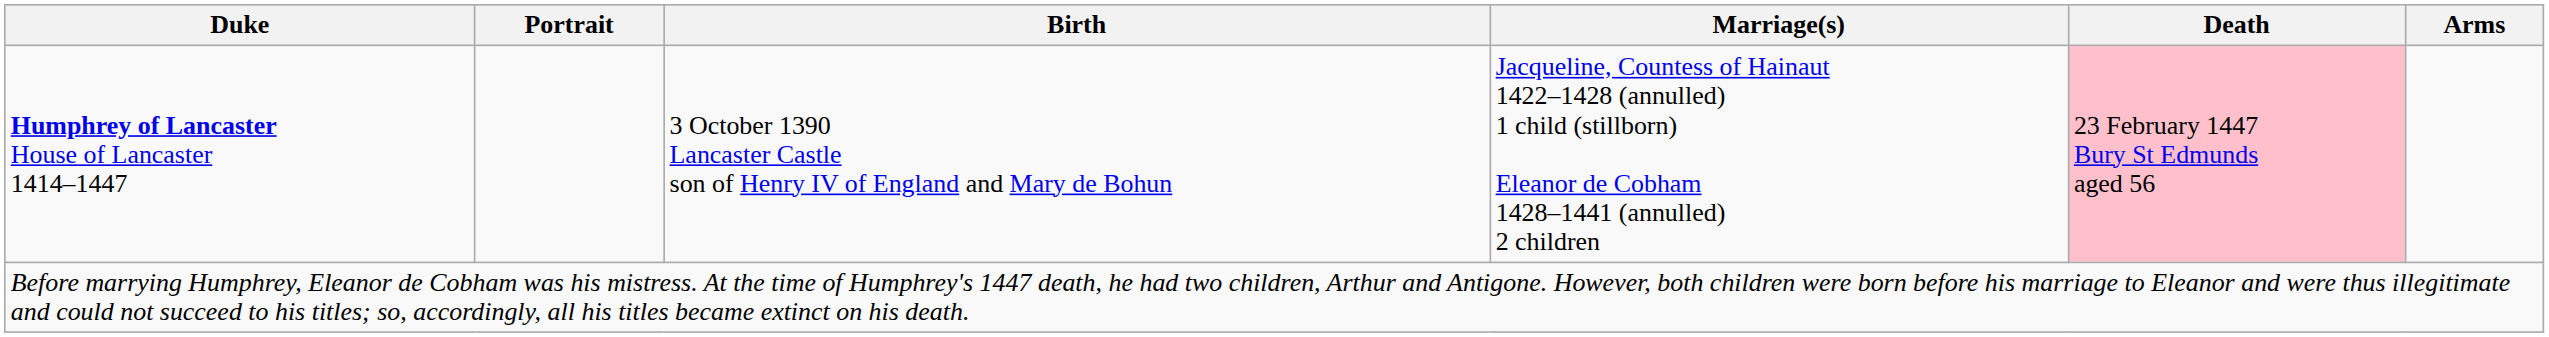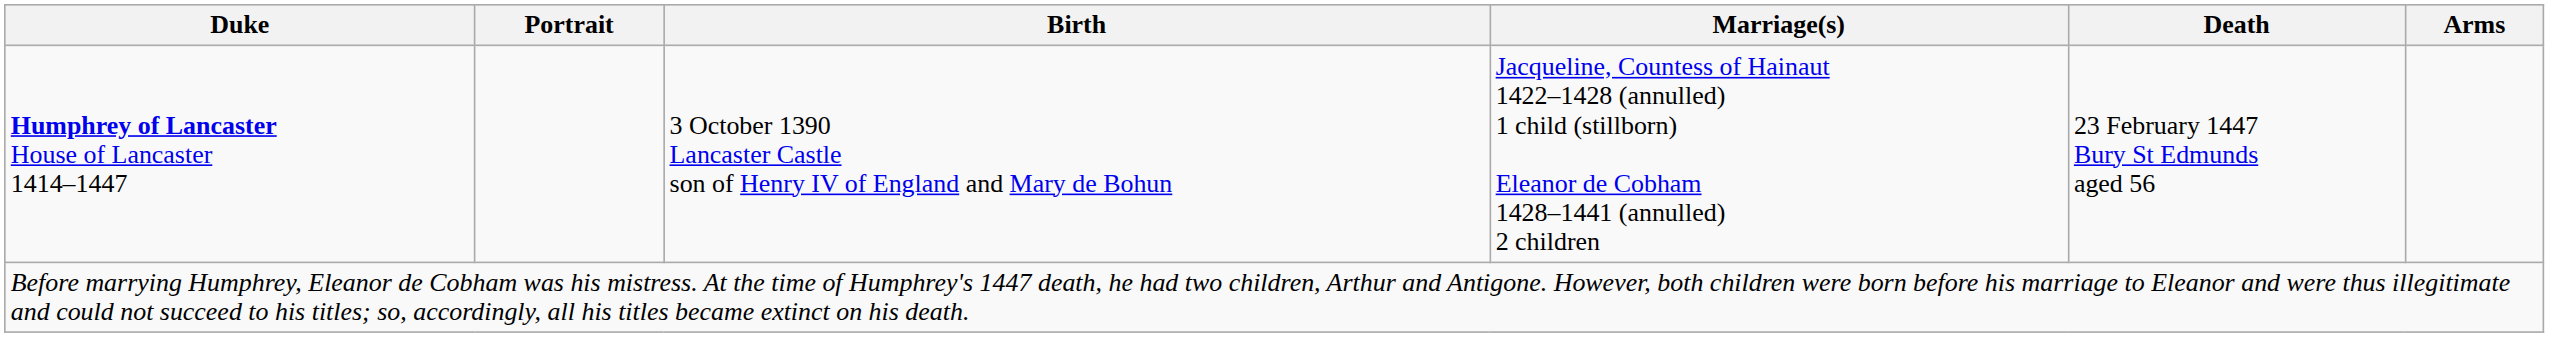 <table class="wikitable">
 <tr>
 <th>Duke</th>
 <th>Portrait</th>
 <th>Birth</th>
 <th>Marriage(s)</th>
 <th>Death</th>
 <th>Arms</th>
 </tr>
 <tr>
 <td><strong><a href='#'>Humphrey of Lancaster</a></strong><br><a href='#'>House of Lancaster</a><br>1414–1447<br><em></em></td>
 <td></td>
 <td>3 October 1390<br><a href='#'>Lancaster Castle</a><br>son of <a href='#'>Henry IV of England</a> and <a href='#'>Mary de Bohun</a></td>
 <td><a href='#'>Jacqueline, Countess of Hainaut</a><br>1422–1428 (annulled)<br>1 child (stillborn)<br><br><a href='#'>Eleanor de Cobham</a><br>1428–1441 (annulled)<br>2 children</td>
-<td style="background: pink;">23 February 1447<br><a href='#'>Bury St Edmunds</a><br>aged 56</td>
+<td>23 February 1447<br><a href='#'>Bury St Edmunds</a><br>aged 56</td>
 <td></td>
 </tr>
 <tr>
 <td colspan="6"><em>Before marrying Humphrey, Eleanor de Cobham was his mistress. At the time of Humphrey's 1447 death, he had two children, Arthur and Antigone. However, both children were born before his marriage to Eleanor and were thus illegitimate and could not succeed to his titles; so, accordingly, all his titles became extinct on his death.</em></td>
 </tr>
 </table>
